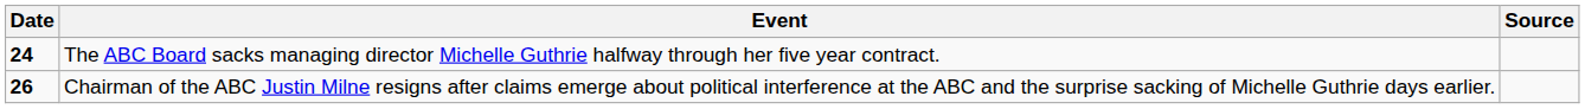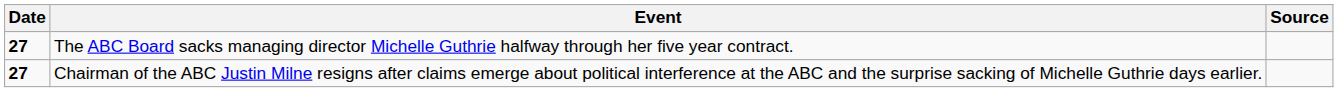 <table class="wikitable">
 <tr>
 <th>Date</th>
 <th>Event</th>
 <th>Source</th>
 </tr>
 <tr>
-<td><strong>24</strong></td>
+<td><strong>27</strong></td>
 <td>The <a href='#'>ABC Board</a> sacks managing director <a href='#'>Michelle Guthrie</a> halfway through her five year contract.</td>
 <td></td>
 </tr>
 <tr>
-<td><strong>26</strong></td>
+<td><strong>27</strong></td>
 <td>Chairman of the ABC <a href='#'>Justin Milne</a> resigns after claims emerge about political interference at the ABC and the surprise sacking of Michelle Guthrie days earlier.</td>
 <td></td>
 </tr>
 </table>
